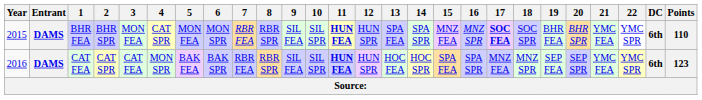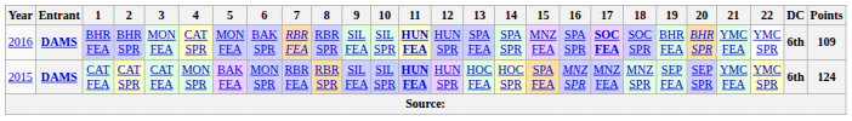 <table class="wikitable" style="text-align:center; font-size:85%">
 <tr>
 <th>Year</th>
 <th>Entrant</th>
 <th>1</th>
 <th>2</th>
 <th>3</th>
 <th>4</th>
 <th>5</th>
 <th>6</th>
 <th>7</th>
 <th>8</th>
 <th>9</th>
 <th>10</th>
 <th>11</th>
 <th>12</th>
 <th>13</th>
 <th>14</th>
 <th>15</th>
 <th>16</th>
 <th>17</th>
 <th>18</th>
 <th>19</th>
 <th>20</th>
 <th>21</th>
 <th>22</th>
 <th>DC</th>
 <th>Points</th>
 </tr>
 <tr>
-<td><a href='#'>2015</a></td>
+<td><a href='#'>2016</a></td>
 <th><a href='#'>DAMS</a></th>
 <td style="background:#CFCFFF;"><a href='#'>BHR<br>FEA</a><br></td>
 <td style="background:#CFCFFF;"><a href='#'>BHR<br>SPR</a><br></td>
 <td style="background:#DFFFDF;"><a href='#'>MON<br>FEA</a><br></td>
 <td style="background:#FFFFBF;"><a href='#'>CAT<br>SPR</a><br></td>
 <td style="background:#CFCFFF;"><a href='#'>MON<br>FEA</a><br></td>
-<td style="background:#CFCFFF;"><a href='#'>MON<br>SPR</a><br></td>
+<td style="background:#CFCFFF;"><a href='#'>BAK<br>SPR</a><br></td>
 <td style="background:#FFDF9F;"><em><a href='#'>RBR<br>FEA</a></em><br></td>
 <td style="background:#CFCFFF;"><a href='#'>RBR<br>SPR</a><br></td>
 <td style="background:#DFFFDF;"><a href='#'>SIL<br>FEA</a><br></td>
 <td style="background:#DFFFDF;"><a href='#'>SIL<br>SPR</a><br></td>
 <td style="background:#FFFFBF;"><strong><a href='#'>HUN<br>FEA</a></strong><br></td>
 <td style="background:#CFCFFF;"><a href='#'>HUN<br>SPR</a><br></td>
 <td style="background:#CFCFFF;"><a href='#'>SPA<br>FEA</a><br></td>
 <td style="background:#DFFFDF;"><a href='#'>SPA<br>SPR</a><br></td>
 <td style="background:#EFCFFF;"><a href='#'>MNZ<br>FEA</a><br></td>
-<td style="background:#CFCFFF;"><em><a href='#'>MNZ<br>SPR</a></em><br></td>
+<td style="background:#CFCFFF;"><a href='#'>SPA<br>SPR</a><br></td>
 <td style="background:#EFCFFF;"><strong><a href='#'>SOC<br>FEA</a></strong><br></td>
 <td style="background:#CFCFFF;"><a href='#'>SOC<br>SPR</a><br></td>
 <td style="background:#DFFFDF;"><a href='#'>BHR<br>FEA</a><br></td>
 <td style="background:#FFDF9F;"><em><a href='#'>BHR<br>SPR</a></em><br></td>
 <td style="background:#DFFFDF;"><a href='#'>YMC<br>FEA</a><br></td>
 <td style="background:#FFFFFF;"><a href='#'>YMC<br>SPR</a><br></td>
 <th>6th</th>
-<th>110</th>
+<th>109</th>
 </tr>
 <tr>
-<td><a href='#'>2016</a></td>
+<td><a href='#'>2015</a></td>
 <th><a href='#'>DAMS</a></th>
 <td style="background:#DFFFDF;"><a href='#'>CAT<br>FEA</a><br></td>
 <td style="background:#FFFFBF;"><a href='#'>CAT<br>SPR</a><br></td>
 <td style="background:#DFFFDF;"><a href='#'>CAT<br>FEA</a><br></td>
 <td style="background:#DFFFDF;"><a href='#'>MON<br>SPR</a><br></td>
 <td style="background:#EFCFFF;"><a href='#'>BAK<br>FEA</a><br></td>
-<td style="background:#CFCFFF;"><a href='#'>BAK<br>SPR</a><br></td>
+<td style="background:#CFCFFF;"><a href='#'>MON<br>SPR</a><br></td>
 <td style="background:#CFCFFF;"><a href='#'>RBR<br>FEA</a><br></td>
 <td style="background:#FFDF9F;"><a href='#'>RBR<br>SPR</a><br></td>
 <td style="background:#CFCFFF;"><a href='#'>SIL<br>FEA</a><br></td>
 <td style="background:#CFCFFF;"><a href='#'>SIL<br>SPR</a><br></td>
 <td style="background:#CFCFFF;"><strong><a href='#'>HUN<br>FEA</a><br></strong></td>
 <td style="background:#EFCFFF;"><a href='#'>HUN<br>SPR</a><br></td>
 <td style="background:#DFFFDF;"><a href='#'>HOC<br>FEA</a><br></td>
 <td style="background:#FFFFBF;"><a href='#'>HOC<br>SPR</a><br></td>
 <td style="background:#FFDF9F;"><a href='#'>SPA<br>FEA</a><br></td>
-<td style="background:#CFCFFF;"><a href='#'>SPA<br>SPR</a><br></td>
+<td style="background:#CFCFFF;"><em><a href='#'>MNZ<br>SPR</a></em><br></td>
 <td style="background:#CFCFFF;"><a href='#'>MNZ<br>FEA</a><br></td>
 <td style="background:#DFFFDF;"><a href='#'>MNZ<br>SPR</a><br></td>
 <td style="background:#DFFFDF;"><a href='#'>SEP<br>FEA</a><br></td>
 <td style="background:#CFCFFF;"><a href='#'>SEP<br>SPR</a><br></td>
 <td style="background:#DFFFDF;"><a href='#'>YMC<br>FEA</a><br></td>
 <td style="background:#FFFFBF;"><a href='#'>YMC<br>SPR</a><br></td>
 <th>6th</th>
-<th>123</th>
+<th>124</th>
 </tr>
 <tr>
 <th colspan="26">Source:</th>
 </tr>
 </table>
